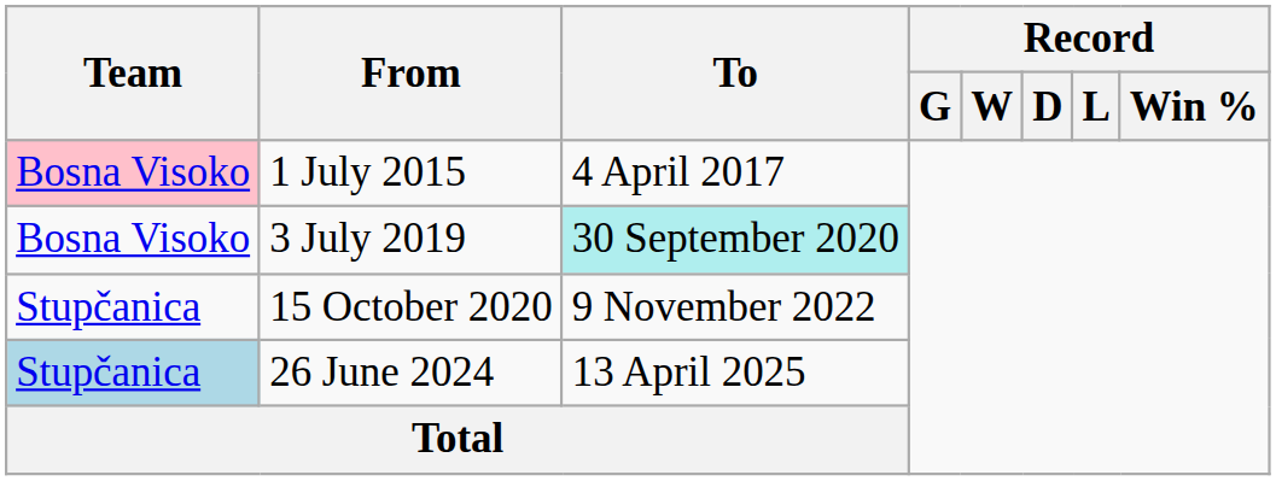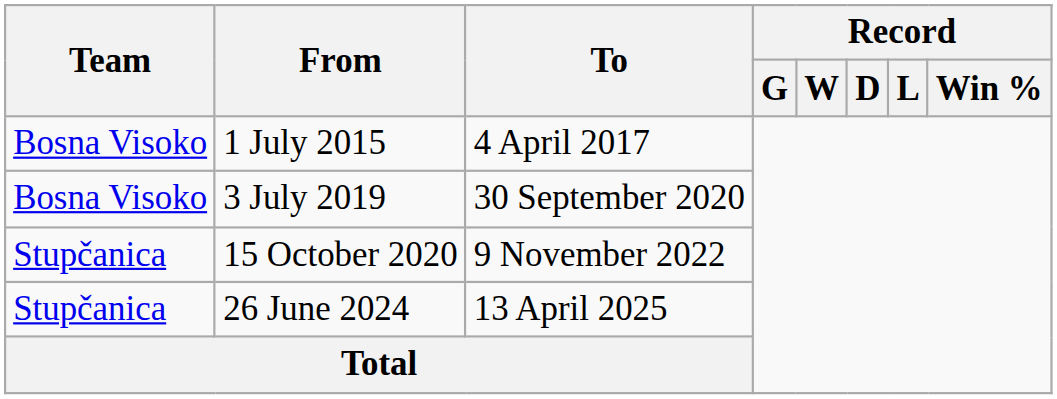 <table class="wikitable" tyle="text-align: center">
 <tr>
 <th rowspan="2">Team</th>
 <th rowspan="2">From</th>
 <th rowspan="2">To</th>
 <th colspan="5">Record</th>
 </tr>
 <tr>
 <th>G</th>
 <th>W</th>
 <th>D</th>
 <th>L</th>
 <th>Win %</th>
 </tr>
 <tr>
-<td align="left" style="background: pink;"><a href='#'>Bosna Visoko</a></td>
+<td align="left"><a href='#'>Bosna Visoko</a></td>
 <td align="left">1 July 2015</td>
 <td align="left">4 April 2017<br></td>
 </tr>
 <tr>
 <td align=left><a href='#'>Bosna Visoko</a></td>
 <td align="left">3 July 2019</td>
-<td align="left" style="background: paleturquoise;">30 September 2020<br></td>
+<td align="left">30 September 2020<br></td>
 </tr>
 <tr>
 <td align=left><a href='#'>Stupčanica</a></td>
 <td align="left">15 October 2020</td>
 <td align="left">9 November 2022<br></td>
 </tr>
 <tr>
-<td align=left style="background: lightblue;"><a href='#'>Stupčanica</a></td>
+<td align=left><a href='#'>Stupčanica</a></td>
 <td align="left">26 June 2024</td>
 <td align="left">13 April 2025<br></td>
 </tr>
 <tr>
 <th colspan="3">Total<br></th>
 </tr>
 </table>
